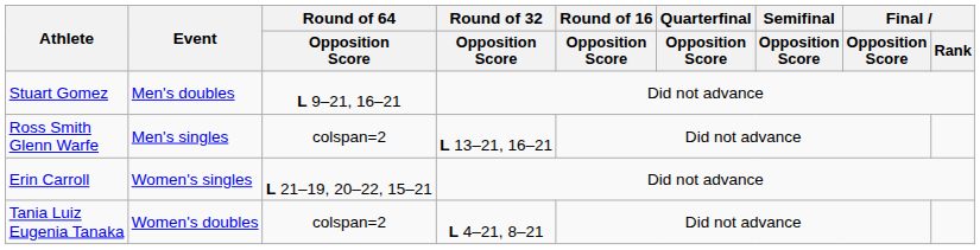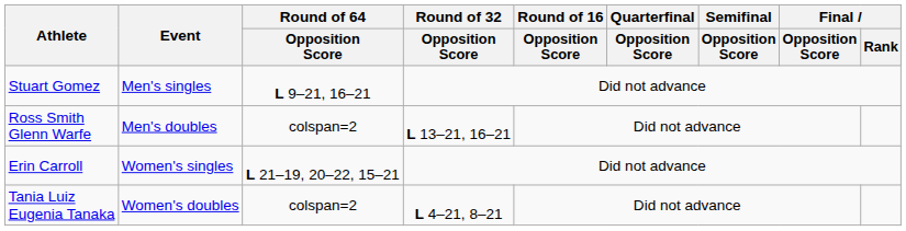 <table class=wikitable style="font-size:90%">
 <tr>
 <th rowspan="2">Athlete</th>
 <th rowspan="2">Event</th>
 <th>Round of 64</th>
 <th>Round of 32</th>
 <th>Round of 16</th>
 <th>Quarterfinal</th>
 <th>Semifinal</th>
 <th colspan=2>Final / </th>
 </tr>
 <tr style="font-size:95%">
 <th>Opposition<br>Score</th>
 <th>Opposition<br>Score</th>
 <th>Opposition<br>Score</th>
 <th>Opposition<br>Score</th>
 <th>Opposition<br>Score</th>
 <th>Opposition<br>Score</th>
 <th>Rank</th>
 </tr>
 <tr align=center>
 <td align=left><a href='#'>Stuart Gomez</a></td>
-<td align=left><a href='#'>Men's doubles</a></td>
+<td align=left><a href='#'>Men's singles</a></td>
 <td><br><strong>L</strong> 9–21, 16–21</td>
 <td colspan=6>Did not advance</td>
 </tr>
 <tr align=center>
 <td align=left><a href='#'>Ross Smith</a><br><a href='#'>Glenn Warfe</a></td>
-<td align=left><a href='#'>Men's singles</a></td>
+<td align=left><a href='#'>Men's doubles</a></td>
 <td>colspan=2 </td>
 <td><br><strong>L</strong> 13–21, 16–21</td>
 <td colspan=4>Did not advance</td>
 </tr>
 <tr align=center>
 <td align=left><a href='#'>Erin Carroll</a></td>
 <td align=left><a href='#'>Women's singles</a></td>
 <td><br><strong>L</strong> 21–19, 20–22, 15–21</td>
 <td colspan=6>Did not advance</td>
 </tr>
 <tr align=center>
 <td align=left><a href='#'>Tania Luiz</a><br><a href='#'>Eugenia Tanaka</a></td>
 <td align=left><a href='#'>Women's doubles</a></td>
 <td>colspan=2 </td>
 <td><br><strong>L</strong> 4–21, 8–21</td>
 <td colspan=4>Did not advance</td>
 </tr>
 </table>
